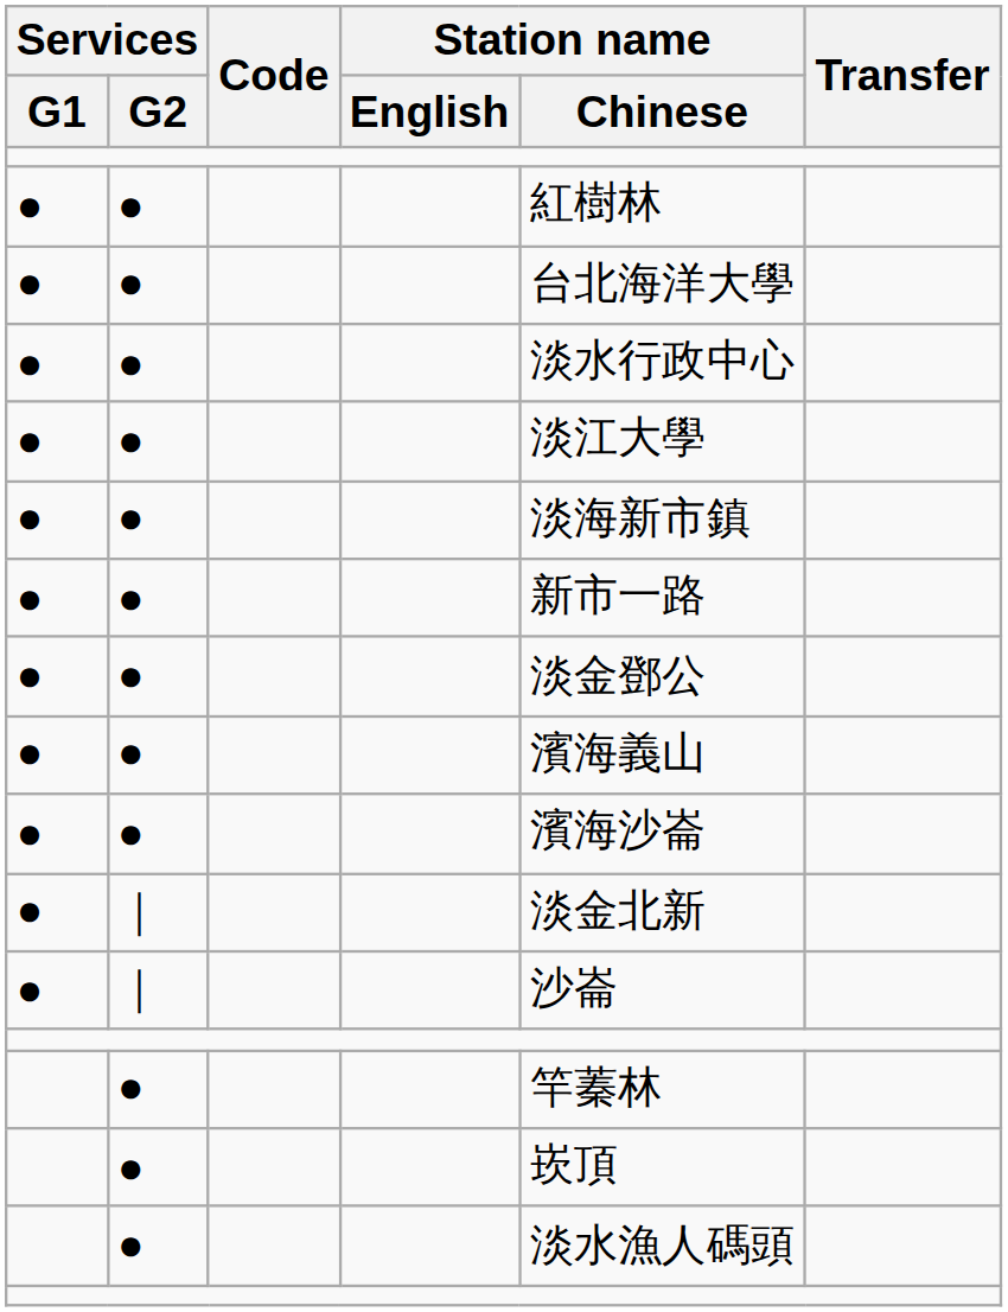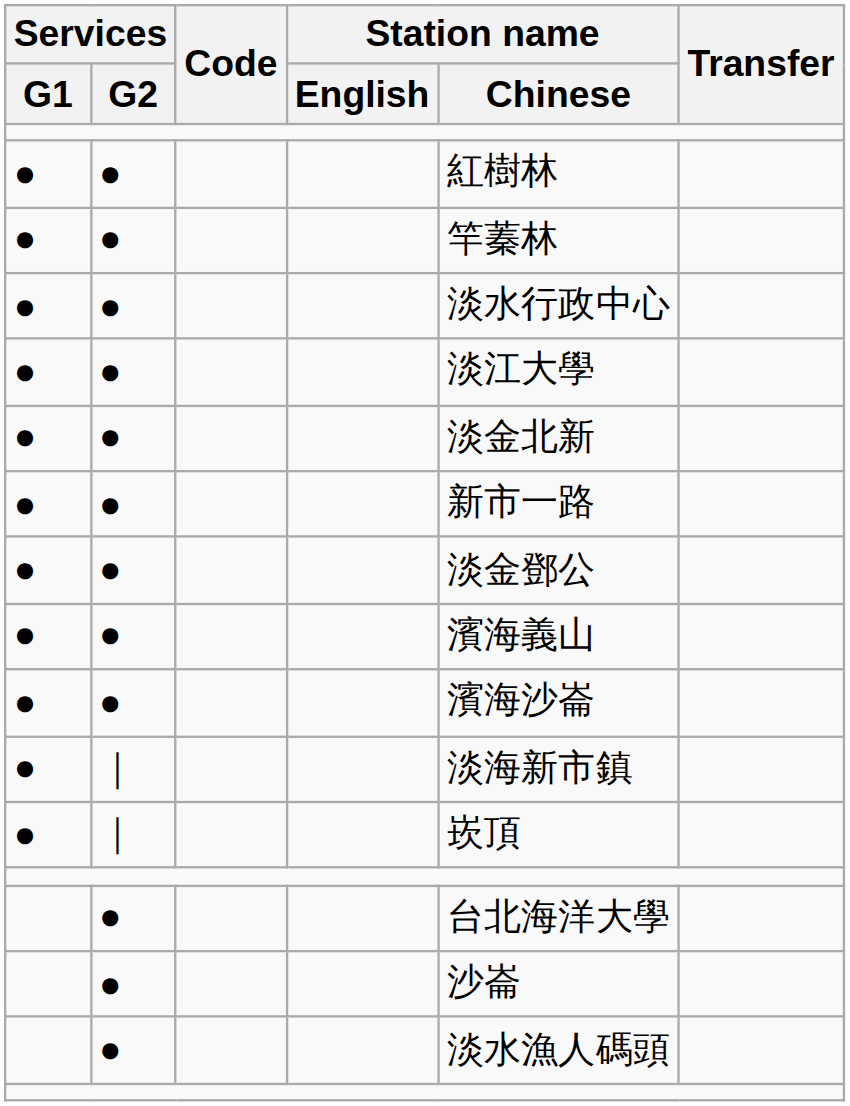 <table class="wikitable">
 <tr>
 <th colspan="2">Services</th>
 <th rowspan="2">Code</th>
 <th colspan="2">Station name</th>
 <th rowspan="2">Transfer</th>
 </tr>
 <tr>
 <th>G1</th>
 <th>G2</th>
 <th>English</th>
 <th>Chinese</th>
 </tr>
 <tr>
 <td colspan="6"></td>
 </tr>
 <tr>
 <td>●</td>
 <td>●</td>
 <td></td>
 <td></td>
 <td>紅樹林</td>
 <td></td>
 </tr>
 <tr>
 <td>●</td>
 <td>●</td>
 <td></td>
 <td></td>
-<td>台北海洋大學</td>
+<td>竿蓁林</td>
 <td></td>
 </tr>
 <tr>
 <td>●</td>
 <td>●</td>
 <td></td>
 <td></td>
 <td>淡水行政中心</td>
 <td></td>
 </tr>
 <tr>
 <td>●</td>
 <td>●</td>
 <td></td>
 <td></td>
 <td>淡江大學</td>
 <td></td>
 </tr>
 <tr>
 <td>●</td>
 <td>●</td>
 <td></td>
 <td></td>
-<td>淡海新市鎮</td>
+<td>淡金北新</td>
 <td></td>
 </tr>
 <tr>
 <td>●</td>
 <td>●</td>
 <td></td>
 <td></td>
 <td>新市一路</td>
 <td></td>
 </tr>
 <tr>
 <td>●</td>
 <td>●</td>
 <td></td>
 <td></td>
 <td>淡金鄧公</td>
 <td></td>
 </tr>
 <tr>
 <td>●</td>
 <td>●</td>
 <td></td>
 <td></td>
 <td>濱海義山</td>
 <td></td>
 </tr>
 <tr>
 <td>●</td>
 <td>●</td>
 <td></td>
 <td></td>
 <td>濱海沙崙</td>
 <td></td>
 </tr>
 <tr>
 <td>●</td>
 <td>｜</td>
 <td></td>
 <td></td>
-<td>淡金北新</td>
+<td>淡海新市鎮</td>
 <td></td>
 </tr>
 <tr>
 <td>●</td>
 <td>｜</td>
 <td></td>
 <td></td>
-<td>沙崙</td>
+<td>崁頂</td>
 <td></td>
 </tr>
 <tr>
 <td colspan="6"></td>
 </tr>
 <tr>
 <td></td>
 <td>●</td>
 <td></td>
 <td></td>
-<td>竿蓁林</td>
+<td>台北海洋大學</td>
 <td></td>
 </tr>
 <tr>
 <td></td>
 <td>●</td>
 <td></td>
 <td></td>
-<td>崁頂</td>
+<td>沙崙</td>
 <td></td>
 </tr>
 <tr>
 <td></td>
 <td>●</td>
 <td></td>
 <td></td>
 <td>淡水漁人碼頭</td>
 <td></td>
 </tr>
 <tr>
 <td colspan="6"></td>
 </tr>
 </table>
